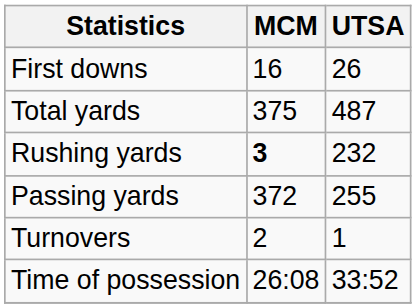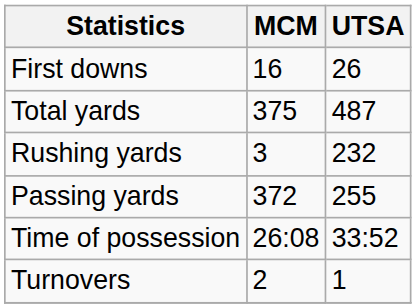 <table class="wikitable" style="float: left;">
 <tr>
 <th>Statistics</th>
 <th>MCM</th>
 <th>UTSA</th>
 </tr>
 <tr>
 <td>First downs</td>
 <td>16</td>
 <td>26</td>
 </tr>
 <tr>
 <td>Total yards</td>
 <td>375</td>
 <td>487</td>
 </tr>
 <tr>
 <td>Rushing yards</td>
-<td><strong>3</strong></td>
+<td>3</td>
 <td>232</td>
 </tr>
 <tr>
 <td>Passing yards</td>
 <td>372</td>
 <td>255</td>
 </tr>
 <tr>
+<td>Time of possession</td>
+<td>26:08</td>
+<td>33:52</td>
+</tr>
+<tr>
 <td>Turnovers</td>
 <td>2</td>
 <td>1</td>
 </tr>
 <tr>
-<td>Time of possession</td>
-<td>26:08</td>
-<td>33:52</td>
-</tr>
-<tr>
 </tr>
 </table>
